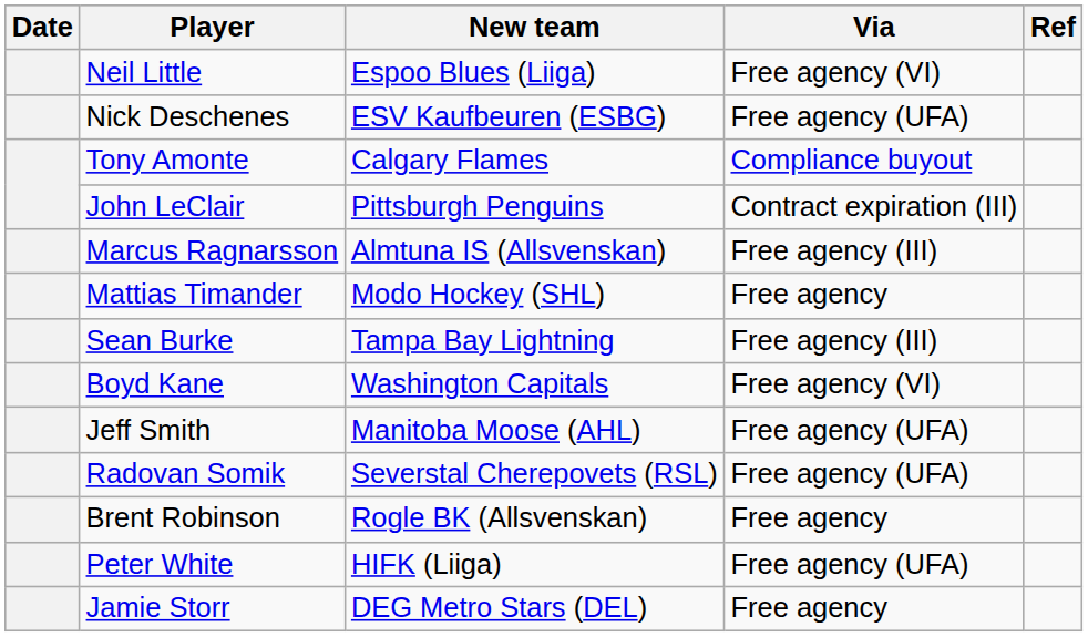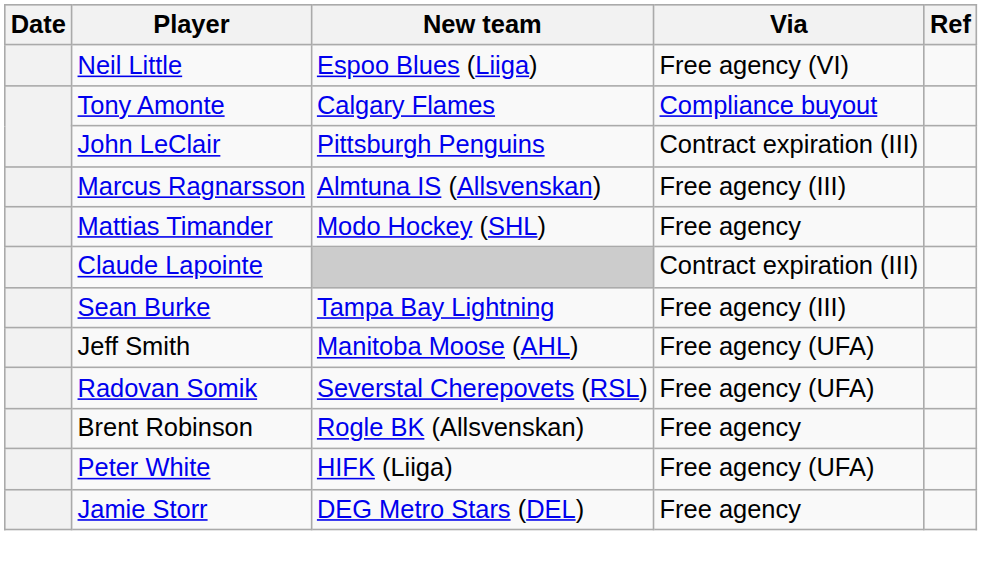 <table class="wikitable plainrowheaders">
 <tr style="background:#ddd; text-align:center;">
 <th>Date</th>
 <th>Player</th>
 <th>New team</th>
 <th>Via</th>
 <th>Ref</th>
 </tr>
 <tr>
 <th scope="row"></th>
 <td><a href='#'>Neil Little</a></td>
 <td><a href='#'>Espoo Blues</a> (<a href='#'>Liiga</a>)</td>
 <td>Free agency (VI)</td>
-<td></td>
-</tr>
-<tr>
-<th scope="row"></th>
-<td>Nick Deschenes</td>
-<td><a href='#'>ESV Kaufbeuren</a> (<a href='#'>ESBG</a>)</td>
-<td>Free agency (UFA)</td>
 <td></td>
 </tr>
 <tr>
 <th scope="row" rowspan=2></th>
 <td><a href='#'>Tony Amonte</a></td>
 <td><a href='#'>Calgary Flames</a></td>
 <td><a href='#'>Compliance buyout</a></td>
 <td></td>
 </tr>
 <tr>
 <td><a href='#'>John LeClair</a></td>
 <td><a href='#'>Pittsburgh Penguins</a></td>
 <td>Contract expiration (III)</td>
 <td></td>
 </tr>
 <tr>
 <th scope="row"></th>
 <td><a href='#'>Marcus Ragnarsson</a></td>
 <td><a href='#'>Almtuna IS</a> (<a href='#'>Allsvenskan</a>)</td>
 <td>Free agency (III)</td>
 <td></td>
 </tr>
 <tr>
 <th scope="row"></th>
 <td><a href='#'>Mattias Timander</a></td>
 <td><a href='#'>Modo Hockey</a> (<a href='#'>SHL</a>)</td>
 <td>Free agency</td>
 <td></td>
 </tr>
 <tr>
 <th scope="row"></th>
-<td><a href='#'>Sean Burke</a></td>
-<td><a href='#'>Tampa Bay Lightning</a></td>
-<td>Free agency (III)</td>
+<td><a href='#'>Claude Lapointe</a></td>
+<td style="background:#ccc"></td>
+<td>Contract expiration (III)</td>
 <td></td>
 </tr>
 <tr>
 <th scope="row"></th>
-<td><a href='#'>Boyd Kane</a></td>
-<td><a href='#'>Washington Capitals</a></td>
-<td>Free agency (VI)</td>
+<td><a href='#'>Sean Burke</a></td>
+<td><a href='#'>Tampa Bay Lightning</a></td>
+<td>Free agency (III)</td>
 <td></td>
 </tr>
 <tr>
 <th scope="row"></th>
 <td>Jeff Smith</td>
 <td><a href='#'>Manitoba Moose</a> (<a href='#'>AHL</a>)</td>
 <td>Free agency (UFA)</td>
 <td></td>
 </tr>
 <tr>
 <th scope="row"></th>
 <td><a href='#'>Radovan Somik</a></td>
 <td><a href='#'>Severstal Cherepovets</a> (<a href='#'>RSL</a>)</td>
 <td>Free agency (UFA)</td>
 <td></td>
 </tr>
 <tr>
 <th scope="row"></th>
 <td>Brent Robinson</td>
 <td><a href='#'>Rogle BK</a> (Allsvenskan)</td>
 <td>Free agency</td>
 <td></td>
 </tr>
 <tr>
 <th scope="row"></th>
 <td><a href='#'>Peter White</a></td>
 <td><a href='#'>HIFK</a> (Liiga)</td>
 <td>Free agency (UFA)</td>
 <td></td>
 </tr>
 <tr>
 <th scope="row"></th>
 <td><a href='#'>Jamie Storr</a></td>
 <td><a href='#'>DEG Metro Stars</a> (<a href='#'>DEL</a>)</td>
 <td>Free agency</td>
 <td></td>
 </tr>
 </table>
